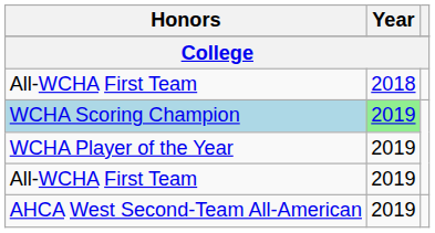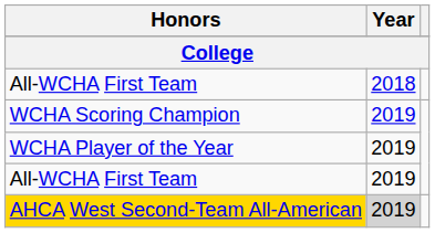 <table class="wikitable">
 <tr>
 <th>Honors</th>
 <th>Year</th>
 <th></th>
 </tr>
 <tr>
 </tr>
 <tr>
 <th colspan="3"><a href='#'>College</a></th>
 </tr>
 <tr>
 <td>All-<a href='#'>WCHA</a> <a href='#'>First Team</a></td>
 <td><a href='#'>2018</a></td>
 <td></td>
 </tr>
 <tr>
-<td style="background: lightblue;"><a href='#'>WCHA Scoring Champion</a></td>
-<td style="background: lightgreen;"><a href='#'>2019</a></td>
+<td><a href='#'>WCHA Scoring Champion</a></td>
+<td><a href='#'>2019</a></td>
 <td rowspan="3"></td>
 </tr>
 <tr>
 <td><a href='#'>WCHA Player of the Year</a></td>
 <td>2019</td>
 </tr>
 <tr>
 <td>All-<a href='#'>WCHA</a> <a href='#'>First Team</a></td>
 <td>2019</td>
 </tr>
 <tr>
-<td><a href='#'>AHCA</a> <a href='#'>West Second-Team All-American</a></td>
-<td>2019</td>
+<td style="background: gold;"><a href='#'>AHCA</a> <a href='#'>West Second-Team All-American</a></td>
+<td style="background: lightgrey;">2019</td>
 <td></td>
 </tr>
 </table>
